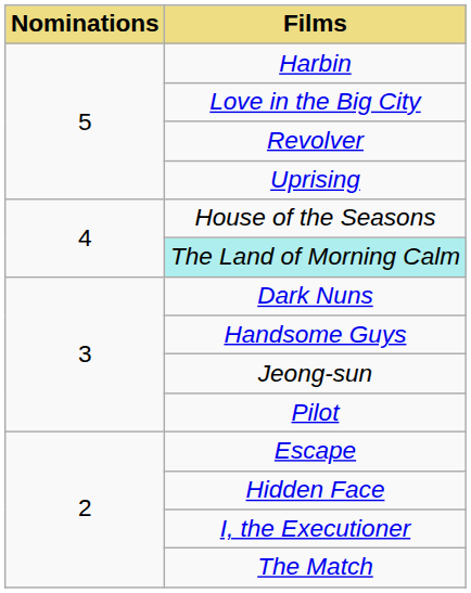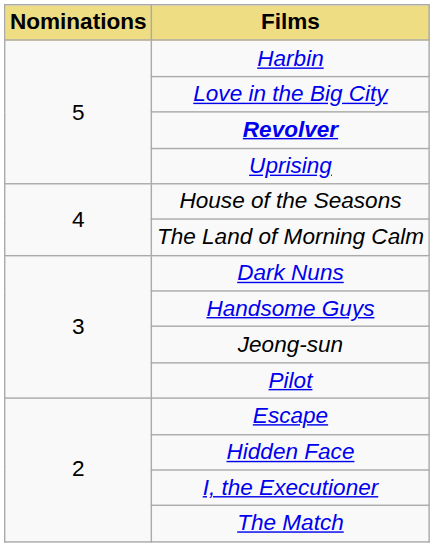 <table class="wikitable" style="text-align:center">
 <tr>
 <th style="background:#EEDD82; text-align:center">Nominations</th>
 <th style="background:#EEDD82; text-align:center">Films</th>
 </tr>
 <tr>
 <td rowspan="4" style="text-align:center">5</td>
 <td><em><a href='#'>Harbin</a></em></td>
 </tr>
 <tr>
 <td><em><a href='#'>Love in the Big City</a></em></td>
 </tr>
 <tr>
-<td><em><a href='#'>Revolver</a></em></td>
+<td><strong><em><a href='#'>Revolver</a></em></strong></td>
 </tr>
 <tr>
 <td><em><a href='#'>Uprising</a></em></td>
 </tr>
 <tr>
 <td rowspan="2" style="text-align:center">4</td>
 <td><em>House of the Seasons</em></td>
 </tr>
 <tr>
-<td style="background: paleturquoise;"><em>The Land of Morning Calm</em></td>
+<td><em>The Land of Morning Calm</em></td>
 </tr>
 <tr>
 <td rowspan="4" style="text-align:center">3</td>
 <td><em><a href='#'>Dark Nuns</a></em></td>
 </tr>
 <tr>
 <td><em><a href='#'>Handsome Guys</a></em></td>
 </tr>
 <tr>
 <td><em>Jeong-sun</em></td>
 </tr>
 <tr>
 <td><em><a href='#'>Pilot</a></em></td>
 </tr>
 <tr>
 <td rowspan="4" style="text-align:center">2</td>
 <td><em><a href='#'>Escape</a></em></td>
 </tr>
 <tr>
 <td><em><a href='#'>Hidden Face</a></em></td>
 </tr>
 <tr>
 <td><em><a href='#'>I, the Executioner</a></em></td>
 </tr>
 <tr>
 <td><em><a href='#'>The Match</a></em></td>
 </tr>
 </table>
